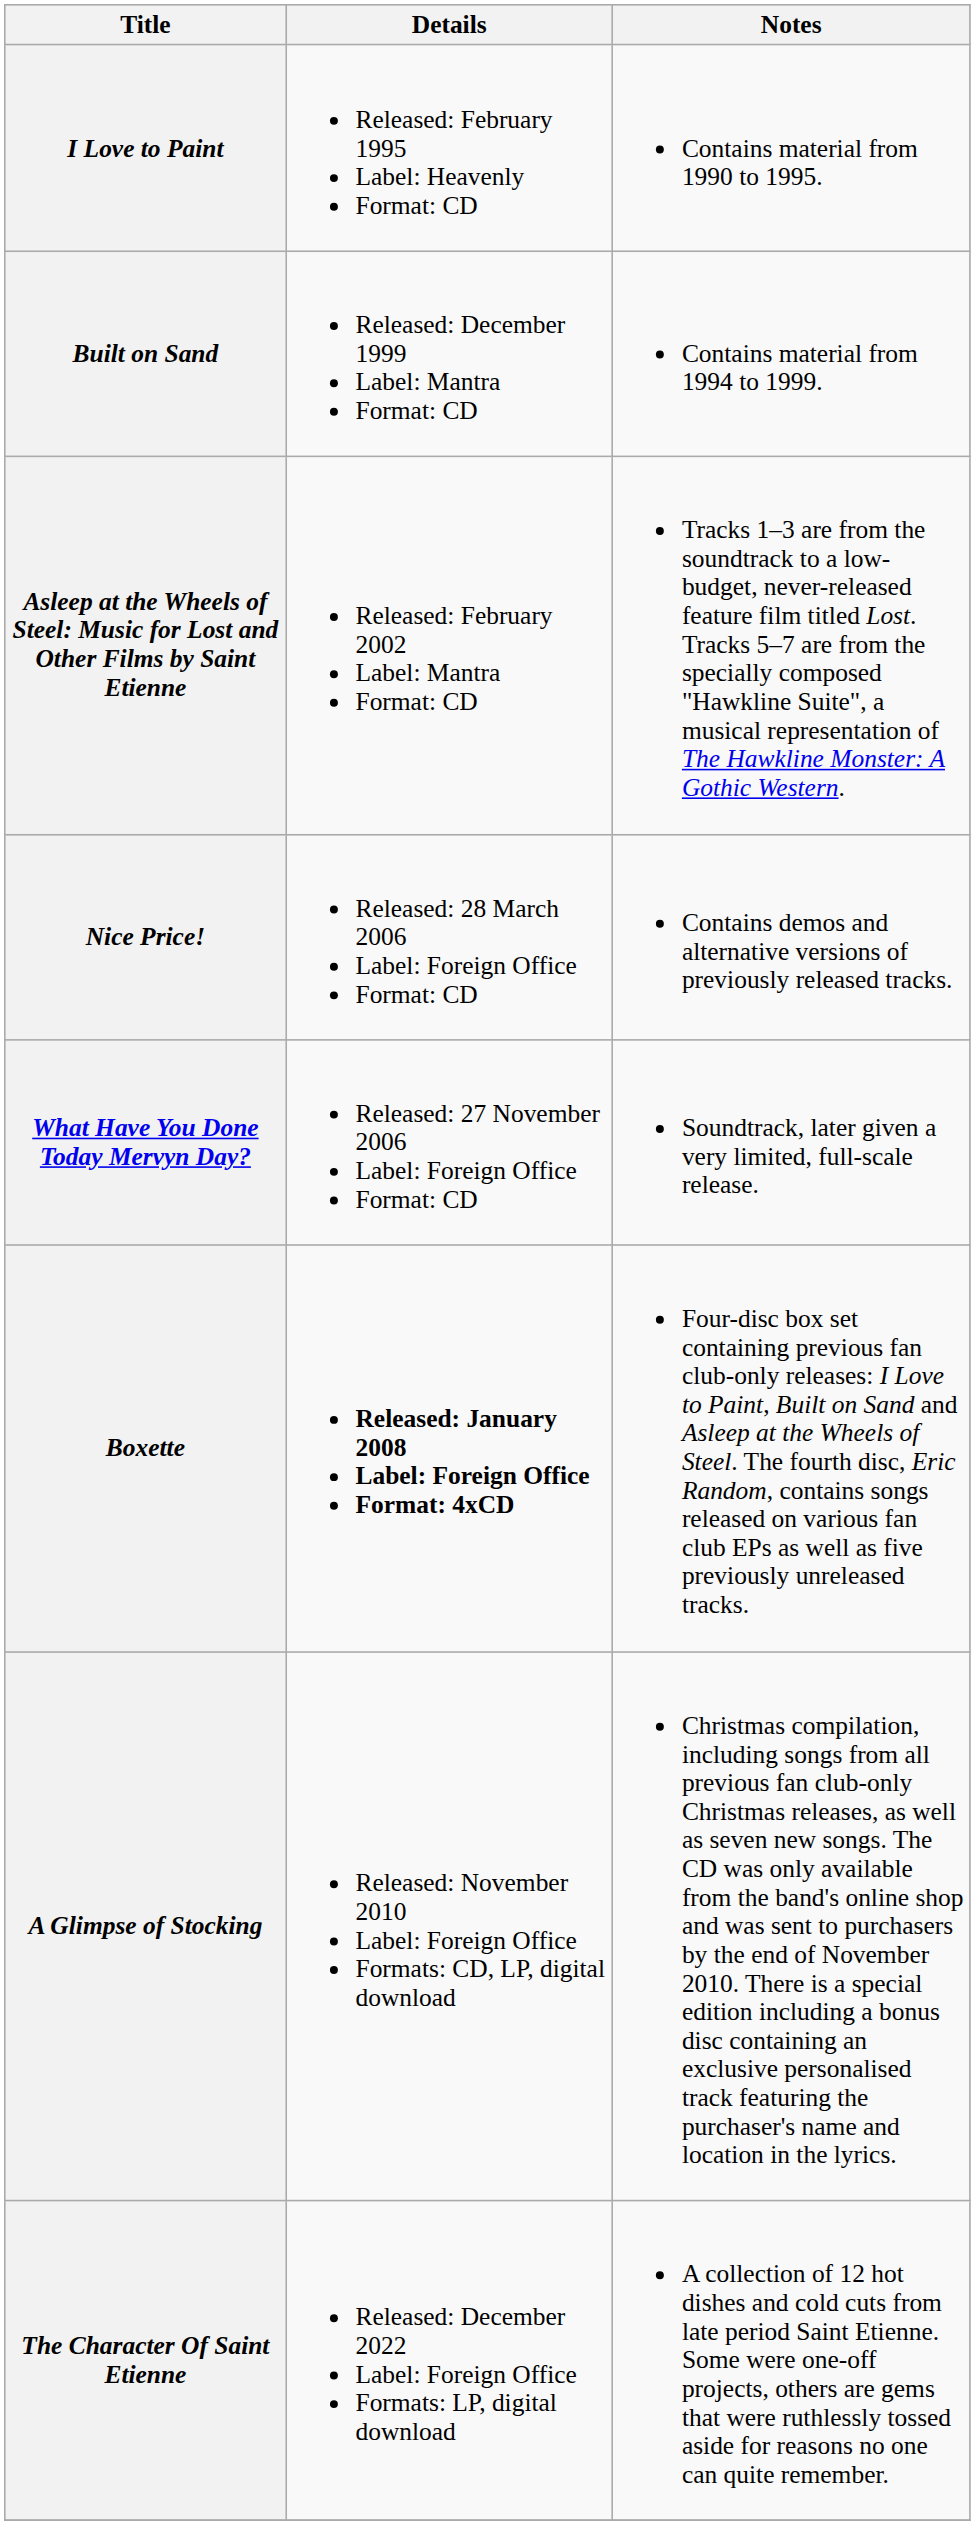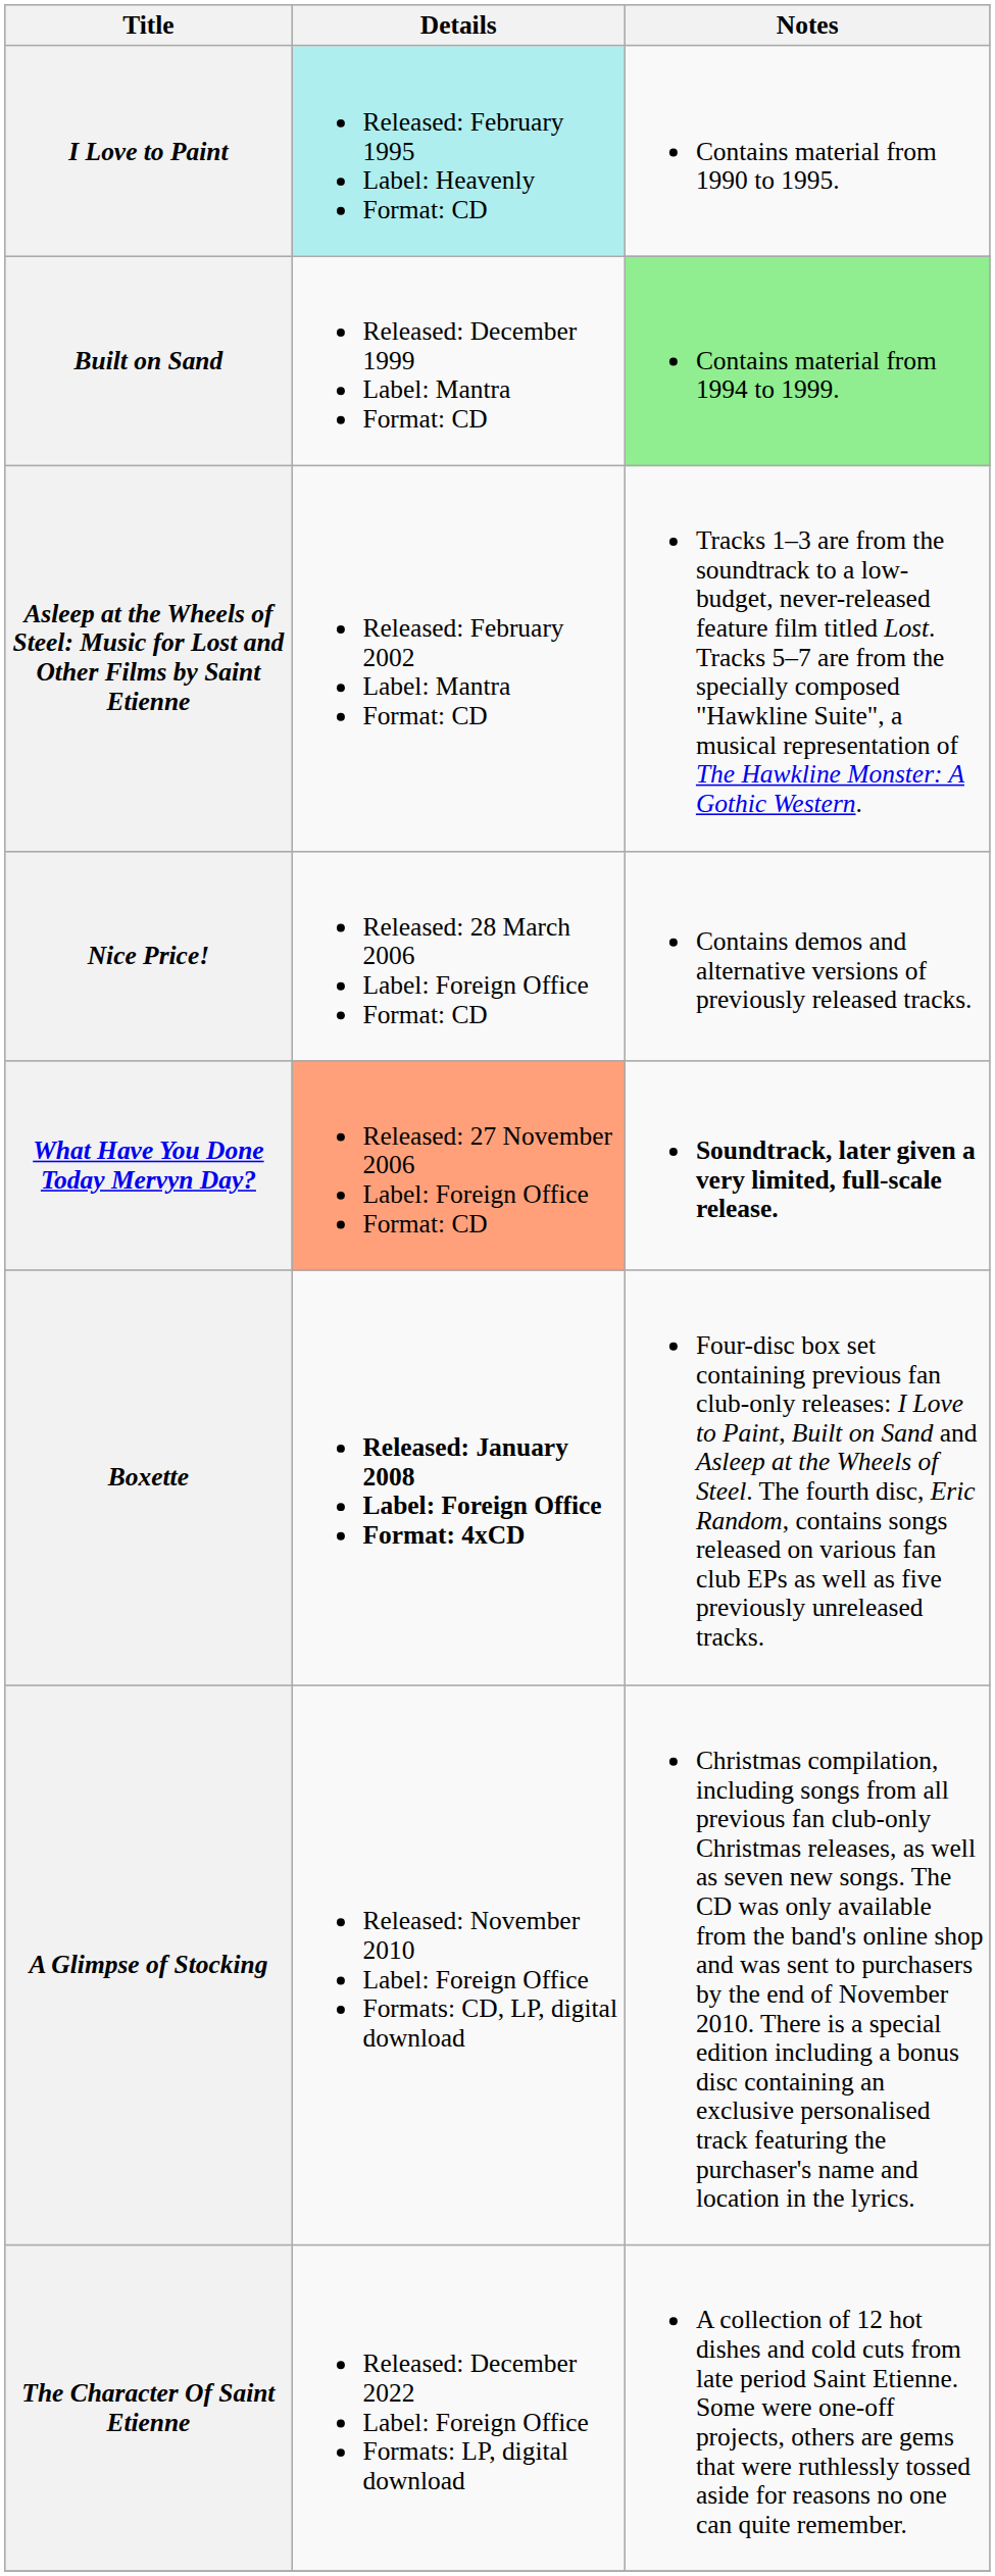 <table class="wikitable plainrowheaders">
 <tr>
 <th scope="col" style="width:17em;">Title</th>
 <th scope="col" style="width:18em;">Details</th>
 <th scope="col" style="width:19em;">Notes</th>
 </tr>
 <tr>
 <th scope="row"><em>I Love to Paint</em></th>
-<td><br><ul><li>Released: February 1995</li><li>Label: Heavenly</li><li>Format: CD</li></ul></td>
+<td style="background: paleturquoise;"><br><ul><li>Released: February 1995</li><li>Label: Heavenly</li><li>Format: CD</li></ul></td>
 <td><br><ul><li>Contains material from 1990 to 1995.</li></ul></td>
 </tr>
 <tr>
 <th scope="row"><em>Built on Sand</em></th>
 <td><br><ul><li>Released: December 1999</li><li>Label: Mantra</li><li>Format: CD</li></ul></td>
-<td><br><ul><li>Contains material from 1994 to 1999.</li></ul></td>
+<td style="background: lightgreen;"><br><ul><li>Contains material from 1994 to 1999.</li></ul></td>
 </tr>
 <tr>
 <th scope="row"><em>Asleep at the Wheels of Steel: Music for Lost and Other Films by Saint Etienne</em></th>
 <td><br><ul><li>Released: February 2002</li><li>Label: Mantra</li><li>Format: CD</li></ul></td>
 <td><br><ul><li>Tracks 1–3 are from the soundtrack to a low-budget, never-released feature film titled <em>Lost</em>. Tracks 5–7 are from the specially composed "Hawkline Suite", a musical representation of <em><a href='#'>The Hawkline Monster: A Gothic Western</a></em>.</li></ul></td>
 </tr>
 <tr>
 <th scope="row"><em>Nice Price!</em></th>
 <td><br><ul><li>Released: 28 March 2006</li><li>Label: Foreign Office</li><li>Format: CD</li></ul></td>
 <td><br><ul><li>Contains demos and alternative versions of previously released tracks.</li></ul></td>
 </tr>
 <tr>
 <th scope="row"><em><a href='#'>What Have You Done Today Mervyn Day?</a></em></th>
-<td><br><ul><li>Released: 27 November 2006</li><li>Label: Foreign Office</li><li>Format: CD</li></ul></td>
-<td><br><ul><li>Soundtrack, later given a very limited, full-scale release.</li></ul></td>
+<td style="background: lightsalmon;"><br><ul><li>Released: 27 November 2006</li><li>Label: Foreign Office</li><li>Format: CD</li></ul></td>
+<td><strong><br><ul><li>Soundtrack, later given a very limited, full-scale release.</li></ul></strong></td>
 </tr>
 <tr>
 <th scope="row"><em>Boxette</em></th>
 <td><strong><br><ul><li>Released: January 2008</li><li>Label: Foreign Office</li><li>Format: 4xCD</li></ul></strong></td>
 <td><br><ul><li>Four-disc box set containing previous fan club-only releases: <em>I Love to Paint</em>, <em>Built on Sand</em> and <em>Asleep at the Wheels of Steel</em>. The fourth disc, <em>Eric Random</em>, contains songs released on various fan club EPs as well as five previously unreleased tracks.</li></ul></td>
 </tr>
 <tr>
 <th scope="row"><em>A Glimpse of Stocking</em></th>
 <td><br><ul><li>Released: November 2010</li><li>Label: Foreign Office</li><li>Formats: CD, LP, digital download</li></ul></td>
 <td><br><ul><li>Christmas compilation, including songs from all previous fan club-only Christmas releases, as well as seven new songs. The CD was only available from the band's online shop and was sent to purchasers by the end of November 2010. There is a special edition including a bonus disc containing an exclusive personalised track featuring the purchaser's name and location in the lyrics.</li></ul></td>
 </tr>
 <tr>
 <th scope="row"><em>The Character Of Saint Etienne</em></th>
 <td><br><ul><li>Released: December 2022</li><li>Label: Foreign Office</li><li>Formats: LP, digital download</li></ul></td>
 <td><br><ul><li>A collection of 12 hot dishes and cold cuts from late period Saint Etienne. Some were one-off projects, others are gems that were ruthlessly tossed aside for reasons no one can quite remember.</li></ul></td>
 </tr>
 <tr>
 </tr>
 </table>
